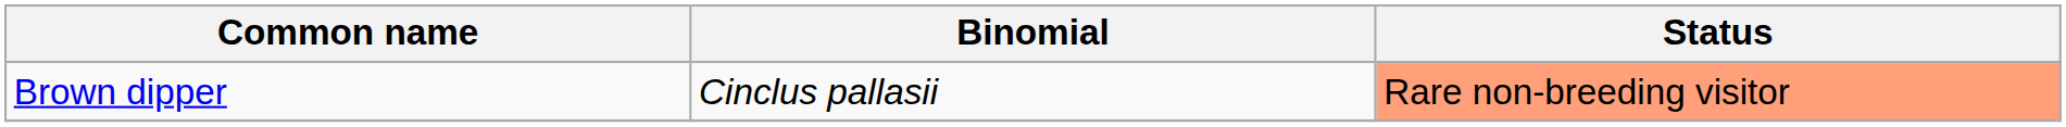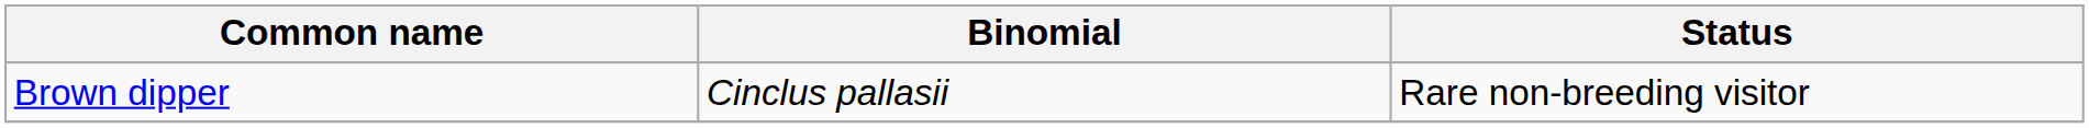 <table width=72% class="wikitable">
 <tr>
 <th width=24%>Common name</th>
 <th width=24%>Binomial</th>
 <th width=24%>Status</th>
 </tr>
 <tr>
 <td><a href='#'>Brown dipper</a></td>
 <td><em>Cinclus pallasii</em></td>
-<td style="background: lightsalmon;">Rare non-breeding visitor</td>
+<td>Rare non-breeding visitor</td>
 </tr>
 <tr>
 </tr>
 </table>
